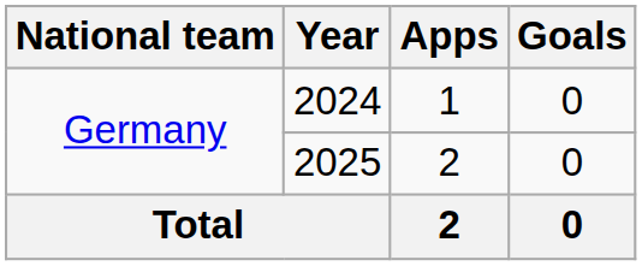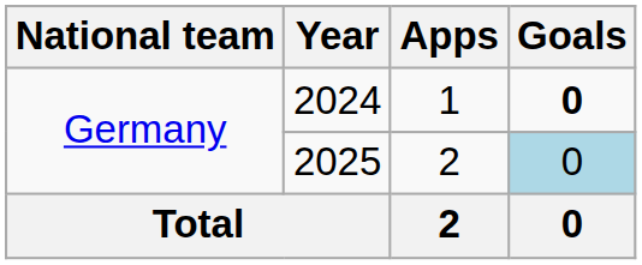 <table class="wikitable" style="text-align:center">
 <tr>
 <th>National team</th>
 <th>Year</th>
 <th>Apps</th>
 <th>Goals</th>
 </tr>
 <tr>
 <td rowspan=2><a href='#'>Germany</a></td>
 <td>2024</td>
 <td>1</td>
-<td>0</td>
+<td><strong>0</strong></td>
 </tr>
 <tr>
 <td>2025</td>
 <td>2</td>
-<td>0</td>
+<td style="background: lightblue;">0</td>
 </tr>
 <tr>
 <th colspan="2">Total</th>
 <th>2</th>
 <th>0</th>
 </tr>
 </table>
